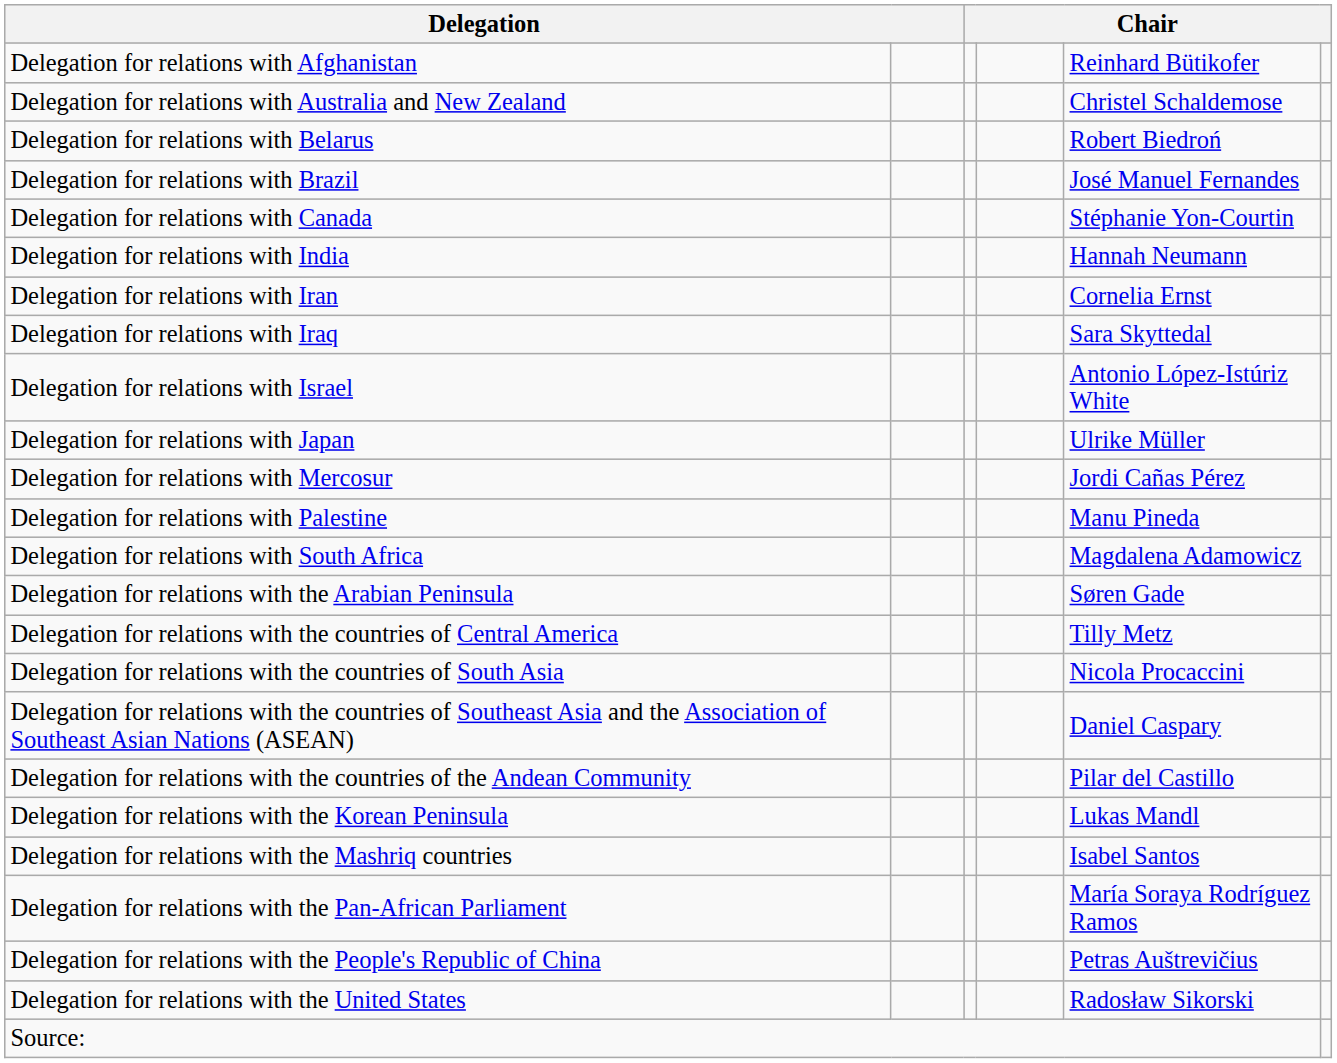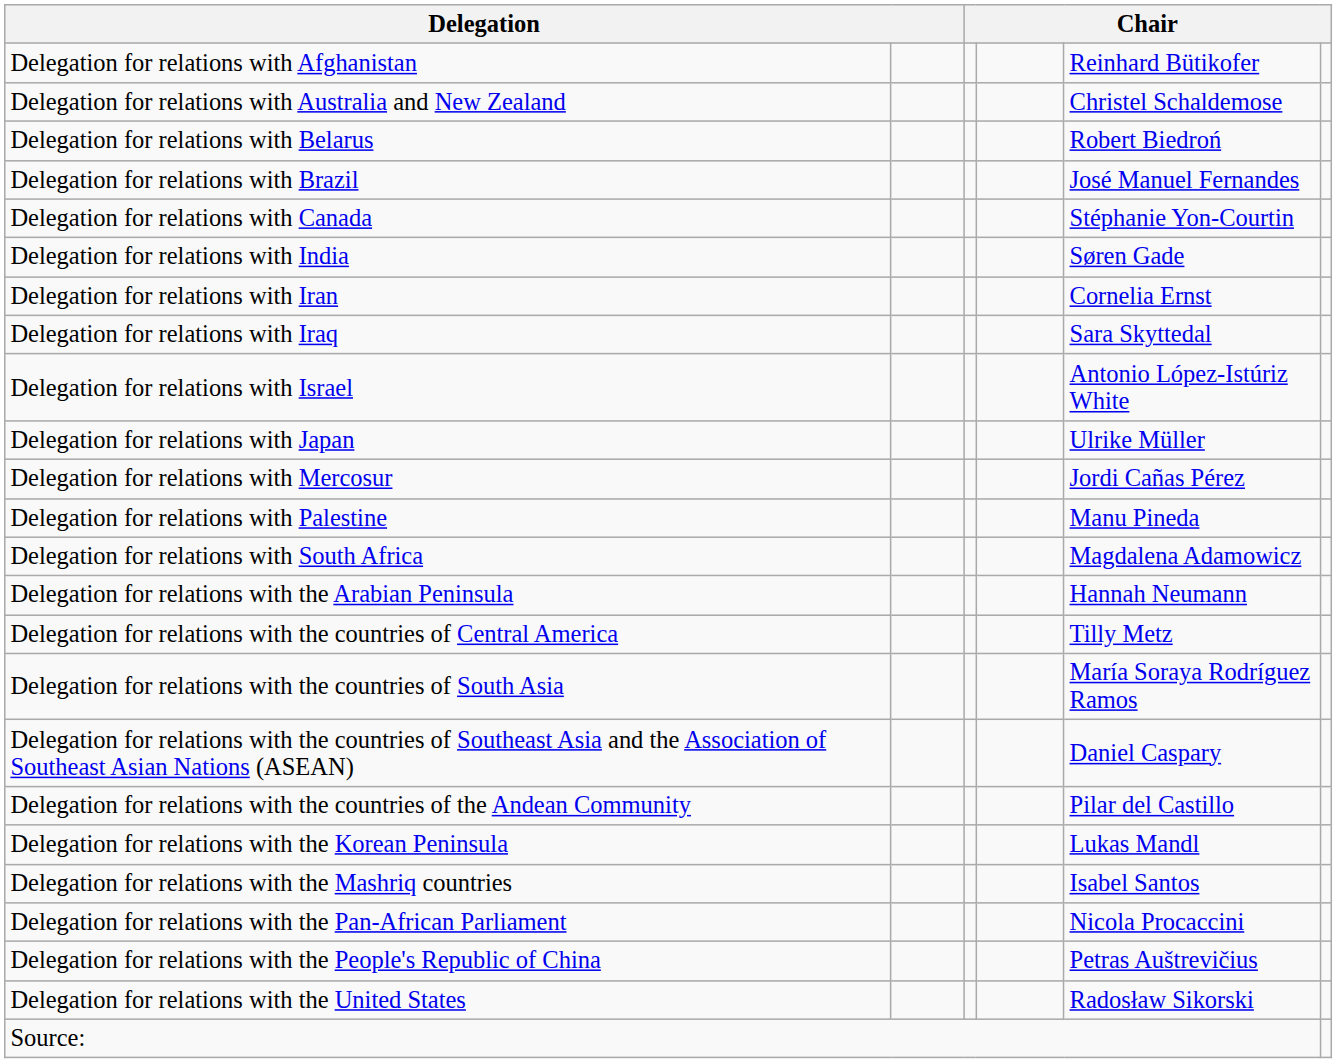 <table class="wikitable">
 <tr>
 <th colspan=2 style="width:647px">Delegation</th>
 <th colspan="5">Chair</th>
 </tr>
 <tr>
 <td>Delegation for relations with <a href='#'>Afghanistan</a></td>
 <td style="width:40px" align="center"><strong></strong></td>
 <td style="background-color:"></td>
 <td style="width:50px"><strong></strong></td>
 <td><a href='#'>Reinhard Bütikofer</a></td>
 <td></td>
 </tr>
 <tr>
 <td>Delegation for relations with <a href='#'>Australia</a> and <a href='#'>New Zealand</a></td>
 <td align="center"><strong></strong></td>
 <td style="background-color:"></td>
 <td><strong></strong></td>
 <td><a href='#'>Christel Schaldemose</a></td>
 <td></td>
 </tr>
 <tr>
 <td>Delegation for relations with <a href='#'>Belarus</a></td>
 <td align="center"><strong></strong></td>
 <td style="width:1px;" style="background-color:"></td>
 <td><strong></strong></td>
 <td><a href='#'>Robert Biedroń</a></td>
 <td></td>
 </tr>
 <tr>
 <td>Delegation for relations with <a href='#'>Brazil</a></td>
 <td align="center"><strong></strong></td>
 <td style="background-color:"></td>
 <td><strong></strong></td>
 <td><a href='#'>José Manuel Fernandes</a></td>
 <td></td>
 </tr>
 <tr>
 <td>Delegation for relations with <a href='#'>Canada</a></td>
 <td align="center"><strong></strong></td>
 <td style="background-color:"></td>
 <td><strong></strong></td>
 <td><a href='#'>Stéphanie Yon-Courtin</a></td>
 <td></td>
 </tr>
 <tr>
 <td>Delegation for relations with <a href='#'>India</a></td>
 <td align="center"><strong></strong></td>
 <td style="background-color:"></td>
 <td><strong></strong></td>
-<td><a href='#'>Hannah Neumann</a></td>
+<td><a href='#'>Søren Gade</a></td>
 <td></td>
 </tr>
 <tr>
 <td>Delegation for relations with <a href='#'>Iran</a></td>
 <td align="center"><strong></strong></td>
 <td style="background-color:"></td>
 <td><strong></strong></td>
 <td><a href='#'>Cornelia Ernst</a></td>
 <td></td>
 </tr>
 <tr>
 <td>Delegation for relations with <a href='#'>Iraq</a></td>
 <td align="center"><strong></strong></td>
 <td style="background-color:"></td>
 <td><strong></strong></td>
 <td><a href='#'>Sara Skyttedal</a></td>
 <td></td>
 </tr>
 <tr>
 <td>Delegation for relations with <a href='#'>Israel</a></td>
 <td align="center"><strong></strong></td>
 <td style="background-color:"></td>
 <td><strong></strong></td>
 <td><a href='#'>Antonio López-Istúriz White</a></td>
 <td></td>
 </tr>
 <tr>
 <td>Delegation for relations with <a href='#'>Japan</a></td>
 <td align="center"><strong></strong></td>
 <td style="width:1px;" style="background-color:"></td>
 <td><strong></strong></td>
 <td><a href='#'>Ulrike Müller</a></td>
 <td></td>
 </tr>
 <tr>
 <td>Delegation for relations with <a href='#'>Mercosur</a></td>
 <td align="center"><strong></strong></td>
 <td style="background-color:"></td>
 <td><strong></strong></td>
 <td><a href='#'>Jordi Cañas Pérez</a></td>
 <td></td>
 </tr>
 <tr>
 <td>Delegation for relations with <a href='#'>Palestine</a></td>
 <td align="center"><strong></strong></td>
 <td style="background-color:"></td>
 <td><strong></strong></td>
 <td><a href='#'>Manu Pineda</a></td>
 <td></td>
 </tr>
 <tr>
 <td>Delegation for relations with <a href='#'>South Africa</a></td>
 <td align="center"><strong></strong></td>
 <td style="background-color:"></td>
 <td><strong></strong></td>
 <td><a href='#'>Magdalena Adamowicz</a></td>
 <td></td>
 </tr>
 <tr>
 <td>Delegation for relations with the <a href='#'>Arabian Peninsula</a></td>
 <td align="center"><strong></strong></td>
 <td style="background:"></td>
 <td><strong></strong></td>
-<td><a href='#'>Søren Gade</a></td>
+<td><a href='#'>Hannah Neumann</a></td>
 <td></td>
 </tr>
 <tr>
 <td>Delegation for relations with the countries of <a href='#'>Central America</a></td>
 <td align="center"><strong></strong></td>
 <td style="background:"></td>
 <td><strong></strong></td>
 <td><a href='#'>Tilly Metz</a></td>
 <td></td>
 </tr>
 <tr>
 <td>Delegation for relations with the countries of <a href='#'>South Asia</a></td>
 <td align="center"><strong></strong></td>
 <td style="background:"></td>
 <td><strong></strong></td>
-<td><a href='#'>Nicola Procaccini</a></td>
+<td><a href='#'>María Soraya Rodríguez Ramos</a></td>
 <td></td>
 </tr>
 <tr>
 <td>Delegation for relations with the countries of <a href='#'>Southeast Asia</a> and the <a href='#'>Association of Southeast Asian Nations</a> (ASEAN)</td>
 <td align="center"><strong></strong></td>
 <td style="background-color:"></td>
 <td><strong></strong></td>
 <td><a href='#'>Daniel Caspary</a></td>
 <td></td>
 </tr>
 <tr>
 <td>Delegation for relations with the countries of the <a href='#'>Andean Community</a></td>
 <td align="center"><strong></strong></td>
 <td style="background-color:"></td>
 <td><strong></strong></td>
 <td><a href='#'>Pilar del Castillo</a></td>
 <td></td>
 </tr>
 <tr>
 <td>Delegation for relations with the <a href='#'>Korean Peninsula</a></td>
 <td align="center"><strong></strong></td>
 <td style="background-color:"></td>
 <td><strong></strong></td>
 <td><a href='#'>Lukas Mandl</a></td>
 <td></td>
 </tr>
 <tr>
 <td>Delegation for relations with the <a href='#'>Mashriq</a> countries</td>
 <td align="center"><strong></strong></td>
 <td style="width:1px;" style="background-color:"></td>
 <td><strong></strong></td>
 <td><a href='#'>Isabel Santos</a></td>
 <td></td>
 </tr>
 <tr>
 <td>Delegation for relations with the <a href='#'>Pan-African Parliament</a></td>
 <td align="center"><strong></strong></td>
 <td style="background-color:"></td>
 <td><strong></strong></td>
-<td><a href='#'>María Soraya Rodríguez Ramos</a></td>
+<td><a href='#'>Nicola Procaccini</a></td>
 <td></td>
 </tr>
 <tr>
 <td>Delegation for relations with the <a href='#'>People's Republic of China</a></td>
 <td align="center"><strong></strong></td>
 <td style="background:"></td>
 <td><strong></strong></td>
 <td style="width:160px"><a href='#'>Petras Auštrevičius</a></td>
 <td></td>
 </tr>
 <tr>
 <td>Delegation for relations with the <a href='#'>United States</a></td>
 <td align="center"><strong></strong></td>
 <td style="background-color:"></td>
 <td><strong></strong></td>
 <td><a href='#'>Radosław Sikorski</a></td>
 <td></td>
 </tr>
 <tr>
 <td colspan=5>Source:</td>
 <td></td>
 </tr>
 </table>
